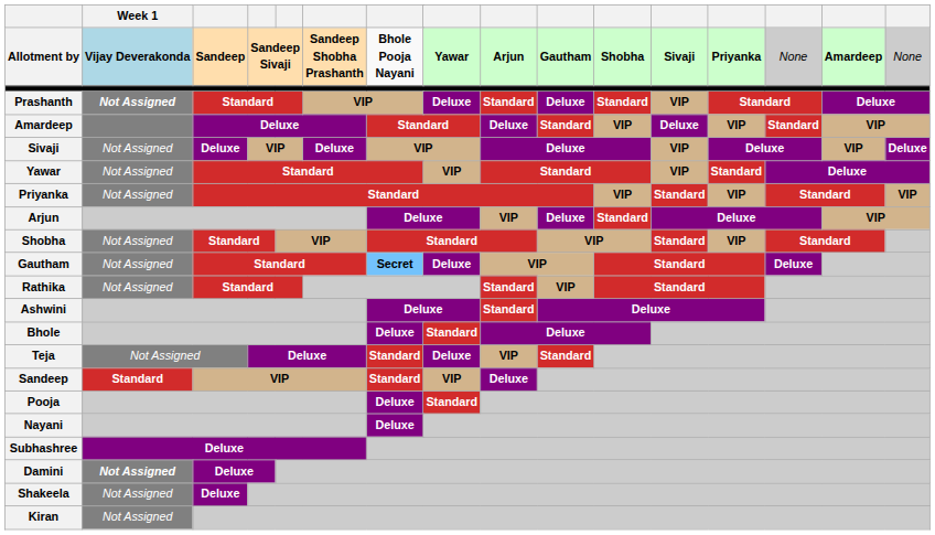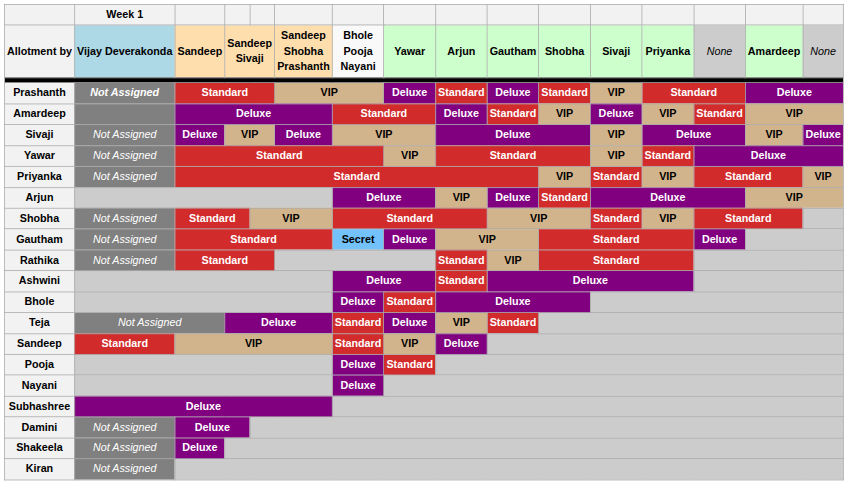 <table class="wikitable" style="text-align:center; font-size:85%; font-family: sans-serif; line-height:20px;">
 <tr>
 <th></th>
 <th>Week 1</th>
 <th></th>
 <th></th>
 <th></th>
 <th></th>
 <th colspan="2"></th>
 <th></th>
 <th></th>
 <th></th>
 <th></th>
 <th></th>
 <th></th>
 <th></th>
 <th></th>
 <th></th>
 </tr>
 <tr>
 <th><strong>Allotment by</strong></th>
 <td bgcolor="lightblue"><strong>Vijay Deverakonda</strong></td>
 <td bgcolor="navajowhite"><strong>Sandeep</strong></td>
 <td colspan="2" bgcolor="navajowhite"><strong>Sandeep</strong><br><strong>Sivaji</strong></td>
 <td bgcolor="navajowhite"><strong>Sandeep</strong><br><strong>Shobha</strong><br><strong>Prashanth</strong></td>
 <td colspan="2"><strong>Bhole</strong><br><strong>Pooja</strong><br><strong>Nayani</strong></td>
 <td bgcolor="#cfc"><strong>Yawar</strong></td>
 <td bgcolor="#cfc"><strong>Arjun</strong></td>
 <td bgcolor="#cfc"><strong>Gautham</strong></td>
 <td bgcolor="#cfc"><strong>Shobha</strong></td>
 <td bgcolor="#cfc"><strong>Sivaji</strong></td>
 <td bgcolor="#cfc"><strong>Priyanka</strong></td>
 <td style="background:#ccc;"><em>None</em></td>
 <td bgcolor="#cfc"><strong>Amardeep</strong></td>
 <td style="background:#ccc;"><em>None</em></td>
 </tr>
 <tr>
 <th colspan="17" style="background:#000;"></th>
 </tr>
 <tr>
 <th>Prashanth</th>
 <td style="background:grey; color:white"><strong><em>Not Assigned</em></strong></td>
 <td colspan="3" style="background:#D22B2B; color:white"><strong>Standard</strong></td>
 <td colspan="3" style="background:tan; color:black"><strong>VIP</strong></td>
 <td style="background:purple; color:white"><strong>Deluxe</strong></td>
 <td style="background:#D22B2B; color:white"><strong>Standard</strong></td>
 <td style="background:purple; color:white"><strong>Deluxe</strong></td>
 <td style="background:#D22B2B; color:white"><strong>Standard</strong></td>
 <td style="background:tan; color:black"><strong>VIP</strong></td>
 <td colspan="2" style="background:#D22B2B; color:white"><strong>Standard</strong></td>
 <td colspan="2" style="background:purple; color:white"><strong>Deluxe</strong></td>
 </tr>
 <tr>
 <th>Amardeep</th>
 <td style="background:grey; color:white"></td>
 <td colspan="4" style="background:purple; color:white"><strong>Deluxe</strong></td>
 <td colspan="3" style="background:#D22B2B; color:white"><strong>Standard</strong></td>
 <td style="background:purple; color:white"><strong>Deluxe</strong></td>
 <td style="background:#D22B2B; color:white"><strong>Standard</strong></td>
 <td style="background:tan; color:black"><strong>VIP</strong></td>
 <td style="background:purple; color:white"><strong>Deluxe</strong></td>
 <td style="background:tan; color:black"><strong>VIP</strong></td>
 <td style="background:#D22B2B; color:white"><strong>Standard</strong></td>
 <td colspan="2" style="background:tan; color:black"><strong>VIP</strong></td>
 </tr>
 <tr>
 <th>Sivaji</th>
 <td style="background:grey; color:white"><em>Not Assigned</em></td>
 <td style="background:purple; color:white"><strong>Deluxe</strong></td>
 <td colspan="2" style="background:tan; color:black"><strong>VIP</strong></td>
 <td style="background:purple; color:white"><strong>Deluxe</strong></td>
 <td colspan="3" style="background:tan; color:black"><strong>VIP</strong></td>
 <td colspan="3" style="background:purple; color:white"><strong>Deluxe</strong></td>
 <td style="background:tan; color:black"><strong>VIP</strong></td>
 <td colspan="2" style="background:purple; color:white"><strong>Deluxe</strong></td>
 <td style="background:tan; color:black"><strong>VIP</strong></td>
 <td style="background:purple; color:white"><strong>Deluxe</strong></td>
 </tr>
 <tr>
 <th>Yawar</th>
 <td style="background: grey; color:white"><em>Not Assigned</em></td>
 <td colspan="6" style="background:#D22B2B; color:white"><strong>Standard</strong></td>
 <td style="background:tan; color:black"><strong>VIP</strong></td>
 <td colspan="3" style="background:#D22B2B; color:white"><strong>Standard</strong></td>
 <td style="background:tan; color:black"><strong>VIP</strong></td>
 <td style="background:#D22B2B; color:white"><strong>Standard</strong></td>
 <td colspan="3" style="background:purple; color:white"><strong>Deluxe</strong></td>
 </tr>
 <tr>
 <th>Priyanka</th>
 <td style="background: grey; color:white"><em>Not Assigned</em></td>
 <td colspan="9" style="background:#D22B2B; color:white"><strong>Standard</strong></td>
 <td style="background:tan; color:black"><strong>VIP</strong></td>
 <td style="background:#D22B2B; color:white"><strong>Standard</strong></td>
 <td style="background:tan; color:black"><strong>VIP</strong></td>
 <td colspan="2" style="background:#D22B2B; color:white"><strong>Standard</strong></td>
 <td style="background:tan; color:black"><strong>VIP</strong></td>
 </tr>
 <tr>
 <th>Arjun</th>
 <td colspan="5" style="background:#ccc"></td>
 <td colspan="3" style="background:purple; color:white"><strong>Deluxe</strong></td>
 <td style="background:tan; color:black"><strong>VIP</strong></td>
 <td style="background:purple; color:white"><strong>Deluxe</strong></td>
 <td style="background:#D22B2B; color:white"><strong>Standard</strong></td>
 <td colspan="3" style="background:purple; color:white"><strong>Deluxe</strong></td>
 <td colspan="2" style="background:tan; color:black"><strong>VIP</strong></td>
 </tr>
 <tr>
 <th>Shobha</th>
 <td style="background:grey; color:white"><em>Not Assigned</em></td>
 <td colspan="2" style="background:#D22B2B; color:white"><strong>Standard</strong></td>
 <td colspan="2" style="background:tan; color:black"><strong>VIP</strong></td>
 <td colspan="4" style="background:#D22B2B; color:white"><strong>Standard</strong></td>
 <td colspan="2" style="background:tan; color:black"><strong>VIP</strong></td>
 <td style="background:#D22B2B; color:white"><strong>Standard</strong></td>
 <td style="background:tan; color:black"><strong>VIP</strong></td>
 <td colspan="2" style="background:#D22B2B; color:white"><strong>Standard</strong></td>
 <td bgcolor =#ccc></td>
 </tr>
 <tr>
 <th>Gautham</th>
 <td style="background: grey; color:white"><em>Not Assigned</em></td>
 <td colspan="4" style="background:#D22B2B; color:white"><strong>Standard</strong></td>
 <td bgcolor="#73C2FB"><strong>Secret</strong></td>
 <td colspan="2" style="background:purple; color:white"><strong>Deluxe</strong></td>
 <td colspan="2" style="background:tan; color:black"><strong>VIP</strong></td>
 <td colspan="3" style="background:#D22B2B; color:white"><strong>Standard</strong></td>
 <td style="background:purple; color:white"><strong>Deluxe</strong></td>
 <td colspan="2" bgcolor="#ccc"></td>
 </tr>
 <tr>
 <th>Rathika</th>
 <td style="background:grey; color:white"><em>Not Assigned</em></td>
 <td colspan="3" style="background:#D22B2B; color:white"><strong>Standard</strong></td>
 <td colspan="4" bgcolor="#ccc"></td>
 <td style="background:#D22B2B; color:white"><strong>Standard</strong></td>
 <td style="background:tan; color:black"><strong>VIP</strong></td>
 <td colspan="3" style="background:#D22B2B; color:white"><strong>Standard</strong></td>
 <td colspan="3" bgcolor=#ccc></td>
 </tr>
 <tr>
 <th>Ashwini</th>
 <td colspan="5" style="background:#ccc"></td>
 <td colspan="3" style="background:purple; color:white"><strong>Deluxe</strong></td>
 <td style="background:#D22B2B; color:white"><strong>Standard</strong></td>
 <td colspan="4" style="background:purple; color:white"><strong>Deluxe</strong></td>
 <td colspan="3" bgcolor=#ccc></td>
 </tr>
 <tr>
 <th>Bhole</th>
 <td colspan="5" style="background:#ccc"></td>
 <td colspan="2" style="background:purple; color:white"><strong>Deluxe</strong></td>
 <td style="background:#D22B2B; color:white"><strong>Standard</strong></td>
 <td colspan="3" style="background:purple; color:white"><strong>Deluxe</strong></td>
 <td colspan="5" bgcolor="#ccc"></td>
 </tr>
 <tr>
 <th>Teja</th>
 <td colspan="2" style="background:grey; color:white"><em>Not Assigned</em></td>
 <td colspan="3" style="background:purple; color:white"><strong>Deluxe</strong></td>
 <td colspan="2" style="background:#D22B2B; color:white"><strong>Standard</strong></td>
 <td style="background:purple; color:white"><strong>Deluxe</strong></td>
 <td style="background:tan; color:black"><strong>VIP</strong></td>
 <td style="background:#D22B2B; color:white"><strong>Standard</strong></td>
 <td colspan="6" bgcolor="#ccc"></td>
 </tr>
 <tr>
 <th>Sandeep</th>
 <td style="background:#D22B2B; color:white"><strong>Standard</strong></td>
 <td colspan="4" style="background:tan; color:black"><strong>VIP</strong></td>
 <td colspan="2" style="background:#D22B2B; color:white"><strong>Standard</strong></td>
 <td style="background:tan; color:black"><strong>VIP</strong></td>
 <td style="background:purple; color:white"><strong>Deluxe</strong></td>
 <td colspan="7" bgcolor="#ccc"></td>
 </tr>
 <tr>
 <th>Pooja</th>
 <td colspan="5" style="background:#ccc"></td>
 <td colspan="2" style="background:purple; color:white"><strong>Deluxe</strong></td>
 <td style="background:#D22B2B; color:white"><strong>Standard</strong></td>
 <td colspan="8" bgcolor="#ccc"></td>
 </tr>
 <tr>
 <th>Nayani</th>
 <td colspan="5" style="background:#ccc"></td>
 <td colspan="2" style="background:purple; color:white"><strong>Deluxe</strong></td>
 <td colspan="9" style="background:#ccc"></td>
 </tr>
 <tr>
 <th>Subhashree</th>
 <td colspan="5" style="background:purple; color:white"><strong>Deluxe</strong></td>
 <td colspan="11" style="background:#ccc"></td>
 </tr>
 <tr>
 <th>Damini</th>
-<td style="background:grey; color:white"><strong><em>Not Assigned</em></strong></td>
+<td style="background:grey; color:white"><em>Not Assigned</em></td>
 <td colspan="2" style="background:purple; color:white"><strong>Deluxe</strong></td>
 <td colspan="13" bgcolor="#ccc"></td>
 </tr>
 <tr>
 <th>Shakeela</th>
 <td style="background:grey; color:white"><em>Not Assigned</em></td>
 <td style="background:purple; color:white"><strong>Deluxe</strong></td>
 <td colspan="14" bgcolor="#ccc"></td>
 </tr>
 <tr>
 <th>Kiran</th>
 <td style="background:grey; color:white"><em>Not Assigned</em></td>
 <td colspan="15" style="background:#ccc"></td>
 </tr>
 </table>
